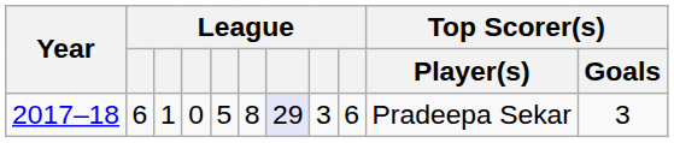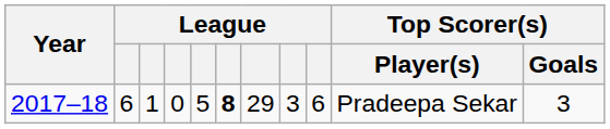 <table class="wikitable sortable" style="text-align: center">
 <tr>
 <th scope="col" rowspan="2">Year</th>
 <th colspan=8 class="unsortable">League</th>
 <th scope="col" colspan=3 class="unsortable">Top Scorer(s)</th>
 </tr>
 <tr>
 <th></th>
 <th></th>
 <th></th>
 <th></th>
 <th></th>
 <th></th>
 <th></th>
 <th></th>
 <th class="unsortable">Player(s)</th>
 <th class="unsortable">Goals</th>
 </tr>
 <tr>
 <td><a href='#'>2017–18</a></td>
 <td>6</td>
 <td>1</td>
 <td>0</td>
 <td>5</td>
-<td>8</td>
-<td style="background: lavender;">29</td>
+<td><strong>8</strong></td>
+<td>29</td>
 <td>3</td>
 <td>6</td>
 <td align=left>Pradeepa Sekar</td>
 <td>3</td>
 </tr>
 </table>
